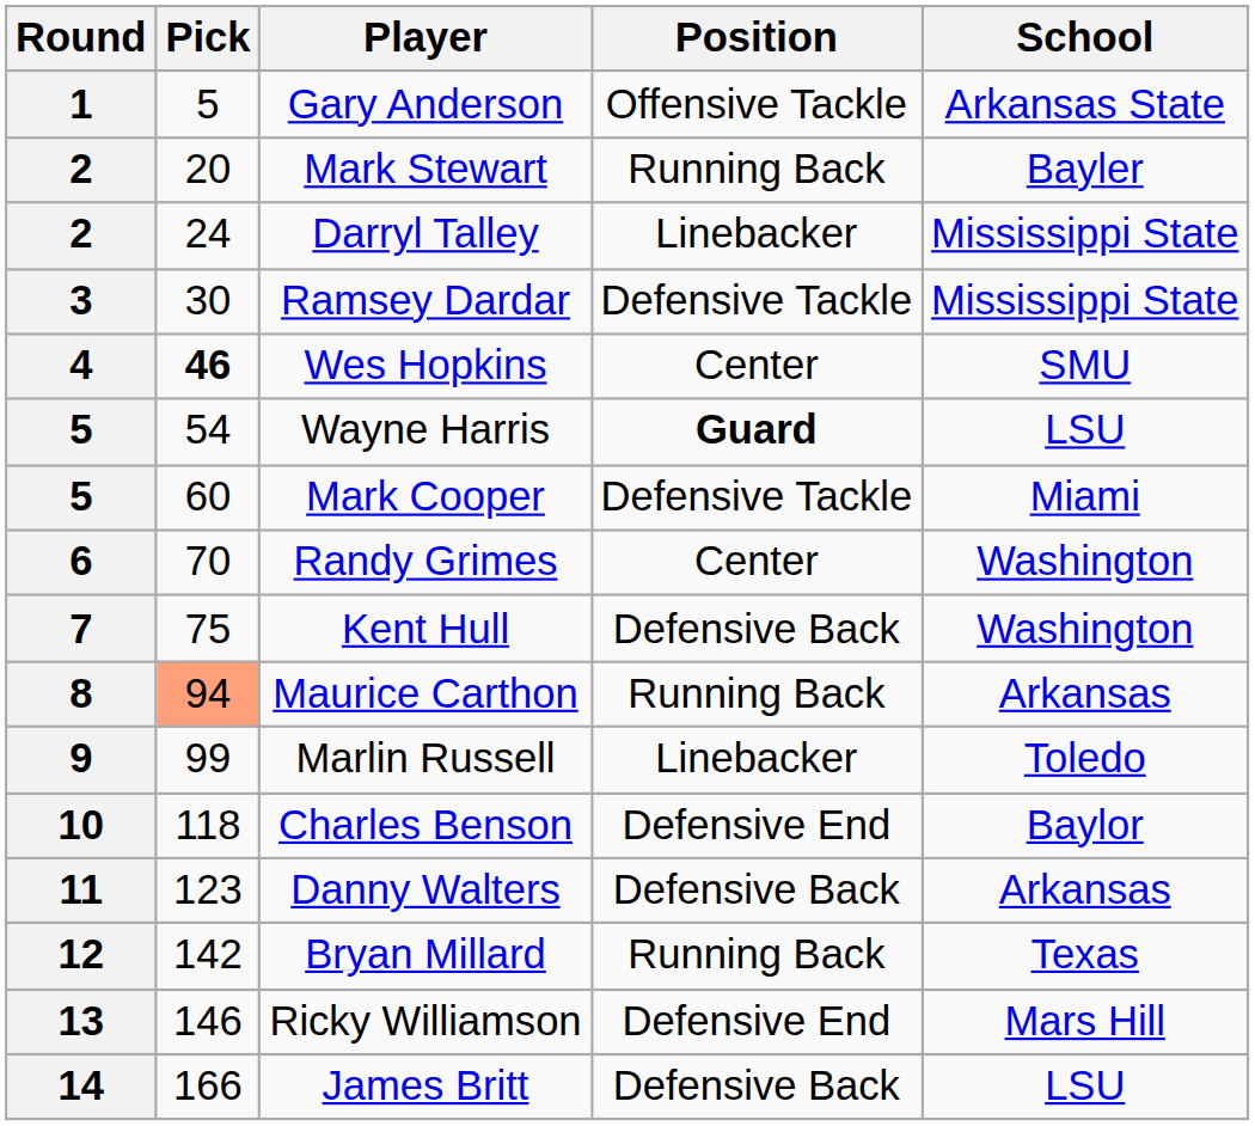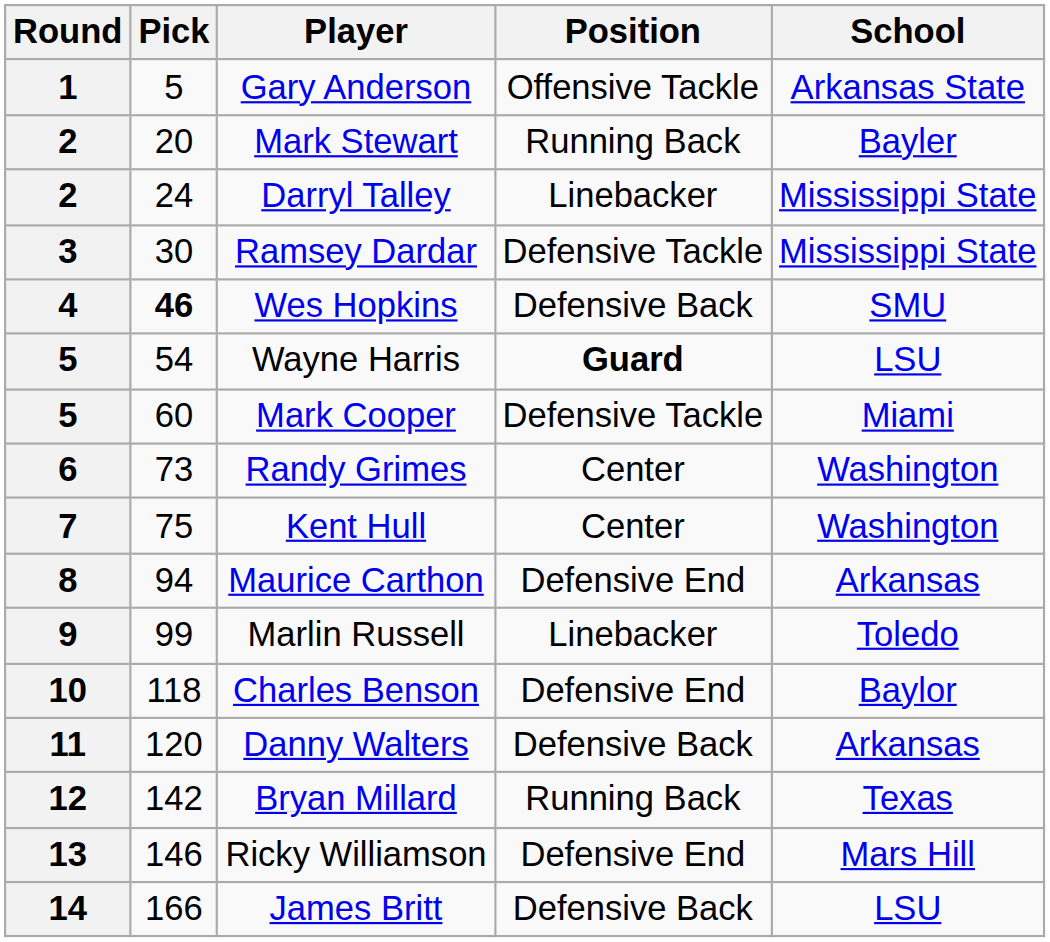 <table class="wikitable sortable sortable">
 <tr>
 <th>Round</th>
 <th>Pick</th>
 <th>Player</th>
 <th>Position</th>
 <th>School</th>
 </tr>
 <tr>
 <th>1</th>
 <td align=center>5</td>
 <td align=center><a href='#'>Gary Anderson</a></td>
 <td align=center>Offensive Tackle</td>
 <td align=center><a href='#'>Arkansas State</a></td>
 </tr>
 <tr>
 <th>2</th>
 <td align=center>20</td>
 <td align=center><a href='#'>Mark Stewart</a></td>
 <td align=center>Running Back</td>
 <td align=center><a href='#'>Bayler</a></td>
 </tr>
 <tr>
 <th>2</th>
 <td align=center>24</td>
 <td align=center><a href='#'>Darryl Talley</a></td>
 <td align=center>Linebacker</td>
 <td align=center><a href='#'>Mississippi State</a></td>
 </tr>
 <tr>
 <th>3</th>
 <td align=center>30</td>
 <td align=center><a href='#'>Ramsey Dardar</a></td>
 <td align=center>Defensive Tackle</td>
 <td align=center><a href='#'>Mississippi State</a></td>
 </tr>
 <tr>
 <th>4</th>
 <td align=center><strong>46</strong></td>
 <td align=center><a href='#'>Wes Hopkins</a></td>
-<td align=center>Center</td>
+<td align=center>Defensive Back</td>
 <td align=center><a href='#'>SMU</a></td>
 </tr>
 <tr>
 <th>5</th>
 <td align=center>54</td>
 <td align=center>Wayne Harris</td>
 <td align=center><strong>Guard</strong></td>
 <td align=center><a href='#'>LSU</a></td>
 </tr>
 <tr>
 <th>5</th>
 <td align=center>60</td>
 <td align=center><a href='#'>Mark Cooper</a></td>
 <td align=center>Defensive Tackle</td>
 <td align=center><a href='#'>Miami</a></td>
 </tr>
 <tr>
 <th>6</th>
-<td align=center>70</td>
+<td align=center>73</td>
 <td align=center><a href='#'>Randy Grimes</a></td>
 <td align=center>Center</td>
 <td align=center><a href='#'>Washington</a></td>
 </tr>
 <tr>
 <th>7</th>
 <td align=center>75</td>
 <td align=center><a href='#'>Kent Hull</a></td>
-<td align=center>Defensive Back</td>
+<td align=center>Center</td>
 <td align=center><a href='#'>Washington</a></td>
 </tr>
 <tr>
 <th>8</th>
-<td align=center style="background: lightsalmon;">94</td>
+<td align=center>94</td>
 <td align=center><a href='#'>Maurice Carthon</a></td>
-<td align=center>Running Back</td>
+<td align=center>Defensive End</td>
 <td align=center><a href='#'>Arkansas</a></td>
 </tr>
 <tr>
 <th>9</th>
 <td align=center>99</td>
 <td align=center>Marlin Russell</td>
 <td align=center>Linebacker</td>
 <td align=center><a href='#'>Toledo</a></td>
 </tr>
 <tr>
 <th>10</th>
 <td align=center>118</td>
 <td align=center><a href='#'>Charles Benson</a></td>
 <td align=center>Defensive End</td>
 <td align=center><a href='#'>Baylor</a></td>
 </tr>
 <tr>
 <th>11</th>
-<td align=center>123</td>
+<td align=center>120</td>
 <td align=center><a href='#'>Danny Walters</a></td>
 <td align=center>Defensive Back</td>
 <td align=center><a href='#'>Arkansas</a></td>
 </tr>
 <tr>
 <th>12</th>
 <td align=center>142</td>
 <td align=center><a href='#'>Bryan Millard</a></td>
 <td align=center>Running Back</td>
 <td align=center><a href='#'>Texas</a></td>
 </tr>
 <tr>
 <th>13</th>
 <td align=center>146</td>
 <td align=center>Ricky Williamson</td>
 <td align=center>Defensive End</td>
 <td align=center><a href='#'>Mars Hill</a></td>
 </tr>
 <tr>
 <th>14</th>
 <td align=center>166</td>
 <td align=center><a href='#'>James Britt</a></td>
 <td align=center>Defensive Back</td>
 <td align=center><a href='#'>LSU</a></td>
 </tr>
 </table>
